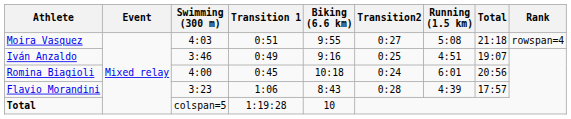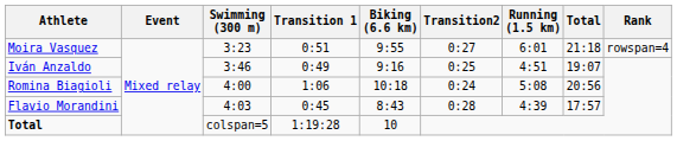 <table class=wikitable style=font-size:90%;text-align:center>
 <tr>
 <th>Athlete</th>
 <th>Event</th>
 <th>Swimming<br><span>(300 m)</span></th>
 <th>Transition 1</th>
 <th>Biking<br><span>(6.6 km)</span></th>
 <th>Transition2</th>
 <th>Running<br><span>(1.5 km)</span></th>
 <th>Total</th>
 <th>Rank</th>
 </tr>
 <tr>
 <td align=left><a href='#'>Moira Vasquez</a></td>
 <td align=left rowspan=5><a href='#'>Mixed relay</a></td>
-<td>4:03</td>
+<td>3:23</td>
 <td>0:51</td>
 <td>9:55</td>
 <td>0:27</td>
-<td>5:08</td>
+<td>6:01</td>
 <td>21:18</td>
 <td>rowspan=4 </td>
 </tr>
 <tr>
 <td align=left><a href='#'>Iván Anzaldo</a></td>
 <td>3:46</td>
 <td>0:49</td>
 <td>9:16</td>
 <td>0:25</td>
 <td>4:51</td>
 <td>19:07</td>
 </tr>
 <tr>
 <td align=left><a href='#'>Romina Biagioli</a></td>
 <td>4:00</td>
-<td>0:45</td>
+<td>1:06</td>
 <td>10:18</td>
 <td>0:24</td>
-<td>6:01</td>
+<td>5:08</td>
 <td>20:56</td>
 </tr>
 <tr>
 <td align=left><a href='#'>Flavio Morandini</a></td>
-<td>3:23</td>
-<td>1:06</td>
+<td>4:03</td>
+<td>0:45</td>
 <td>8:43</td>
 <td>0:28</td>
 <td>4:39</td>
 <td>17:57</td>
 </tr>
 <tr>
 <td align=left><strong>Total</strong></td>
 <td>colspan=5 </td>
 <td>1:19:28</td>
 <td>10</td>
 </tr>
 </table>
